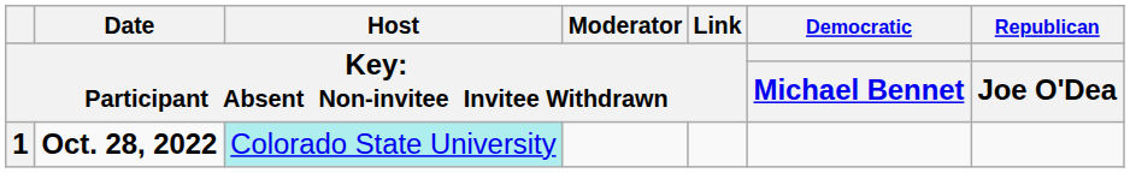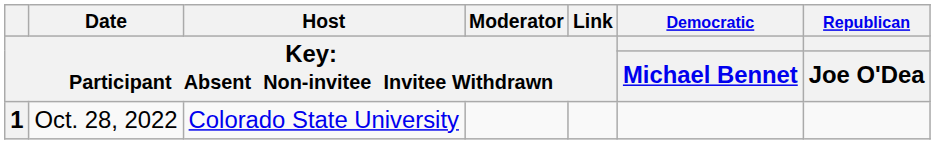 <table class="wikitable" style="text-align:center;">
 <tr style="font-size:small;">
 <th scope="col"></th>
 <th scope="col">Date</th>
 <th scope="col">Host</th>
 <th scope="col">Moderator</th>
 <th scope="col">Link</th>
 <th scope="col"><small><a href='#'>Democratic</a></small></th>
 <th scope="col"><small><a href='#'>Republican</a></small></th>
 </tr>
 <tr>
 <th colspan="5" rowspan="2">Key:<br> <small>Participant </small>  <small>Absent </small>  <small>Non-invitee </small>  <small>Invitee  Withdrawn</small></th>
 <th scope="col" style="background:"></th>
 <th scope="col" style="background:"></th>
 </tr>
 <tr>
 <th scope="col"><a href='#'>Michael Bennet</a></th>
 <th scope="col">Joe O'Dea</th>
 </tr>
 <tr>
 <th scope="row">1</th>
-<td style="white-space:nowrap;"><strong>Oct. 28, 2022</strong></td>
-<td style="background: paleturquoise; white-space:nowrap;"><a href='#'>Colorado State University</a></td>
+<td style="white-space:nowrap;">Oct. 28, 2022</td>
+<td style="white-space:nowrap;"><a href='#'>Colorado State University</a></td>
 <td style="white-space:nowrap;"></td>
 <td style="white-space:nowrap;"></td>
 <td></td>
 <td></td>
 </tr>
 </table>
